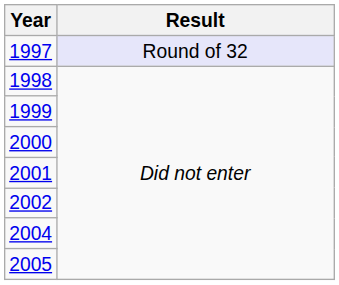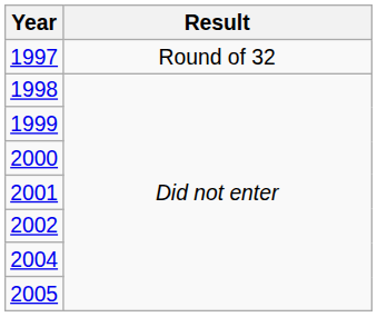 <table class="wikitable" style="text-align: center; font-size:90%">
 <tr>
 <th>Year</th>
 <th style="width:200px">Result</th>
 </tr>
 <tr>
 <td> <a href='#'>1997</a></td>
-<td style="background: lavender;">Round of 32</td>
+<td>Round of 32</td>
 </tr>
 <tr>
 <td> <a href='#'>1998</a></td>
 <td rowspan="7"><em>Did not enter</em></td>
 </tr>
 <tr>
 <td> <a href='#'>1999</a></td>
 </tr>
 <tr>
 <td> <a href='#'>2000</a></td>
 </tr>
 <tr>
 <td> <a href='#'>2001</a></td>
 </tr>
 <tr>
 <td> <a href='#'>2002</a></td>
 </tr>
 <tr>
 <td> <a href='#'>2004</a></td>
 </tr>
 <tr>
 <td> <a href='#'>2005</a></td>
 </tr>
 </table>
